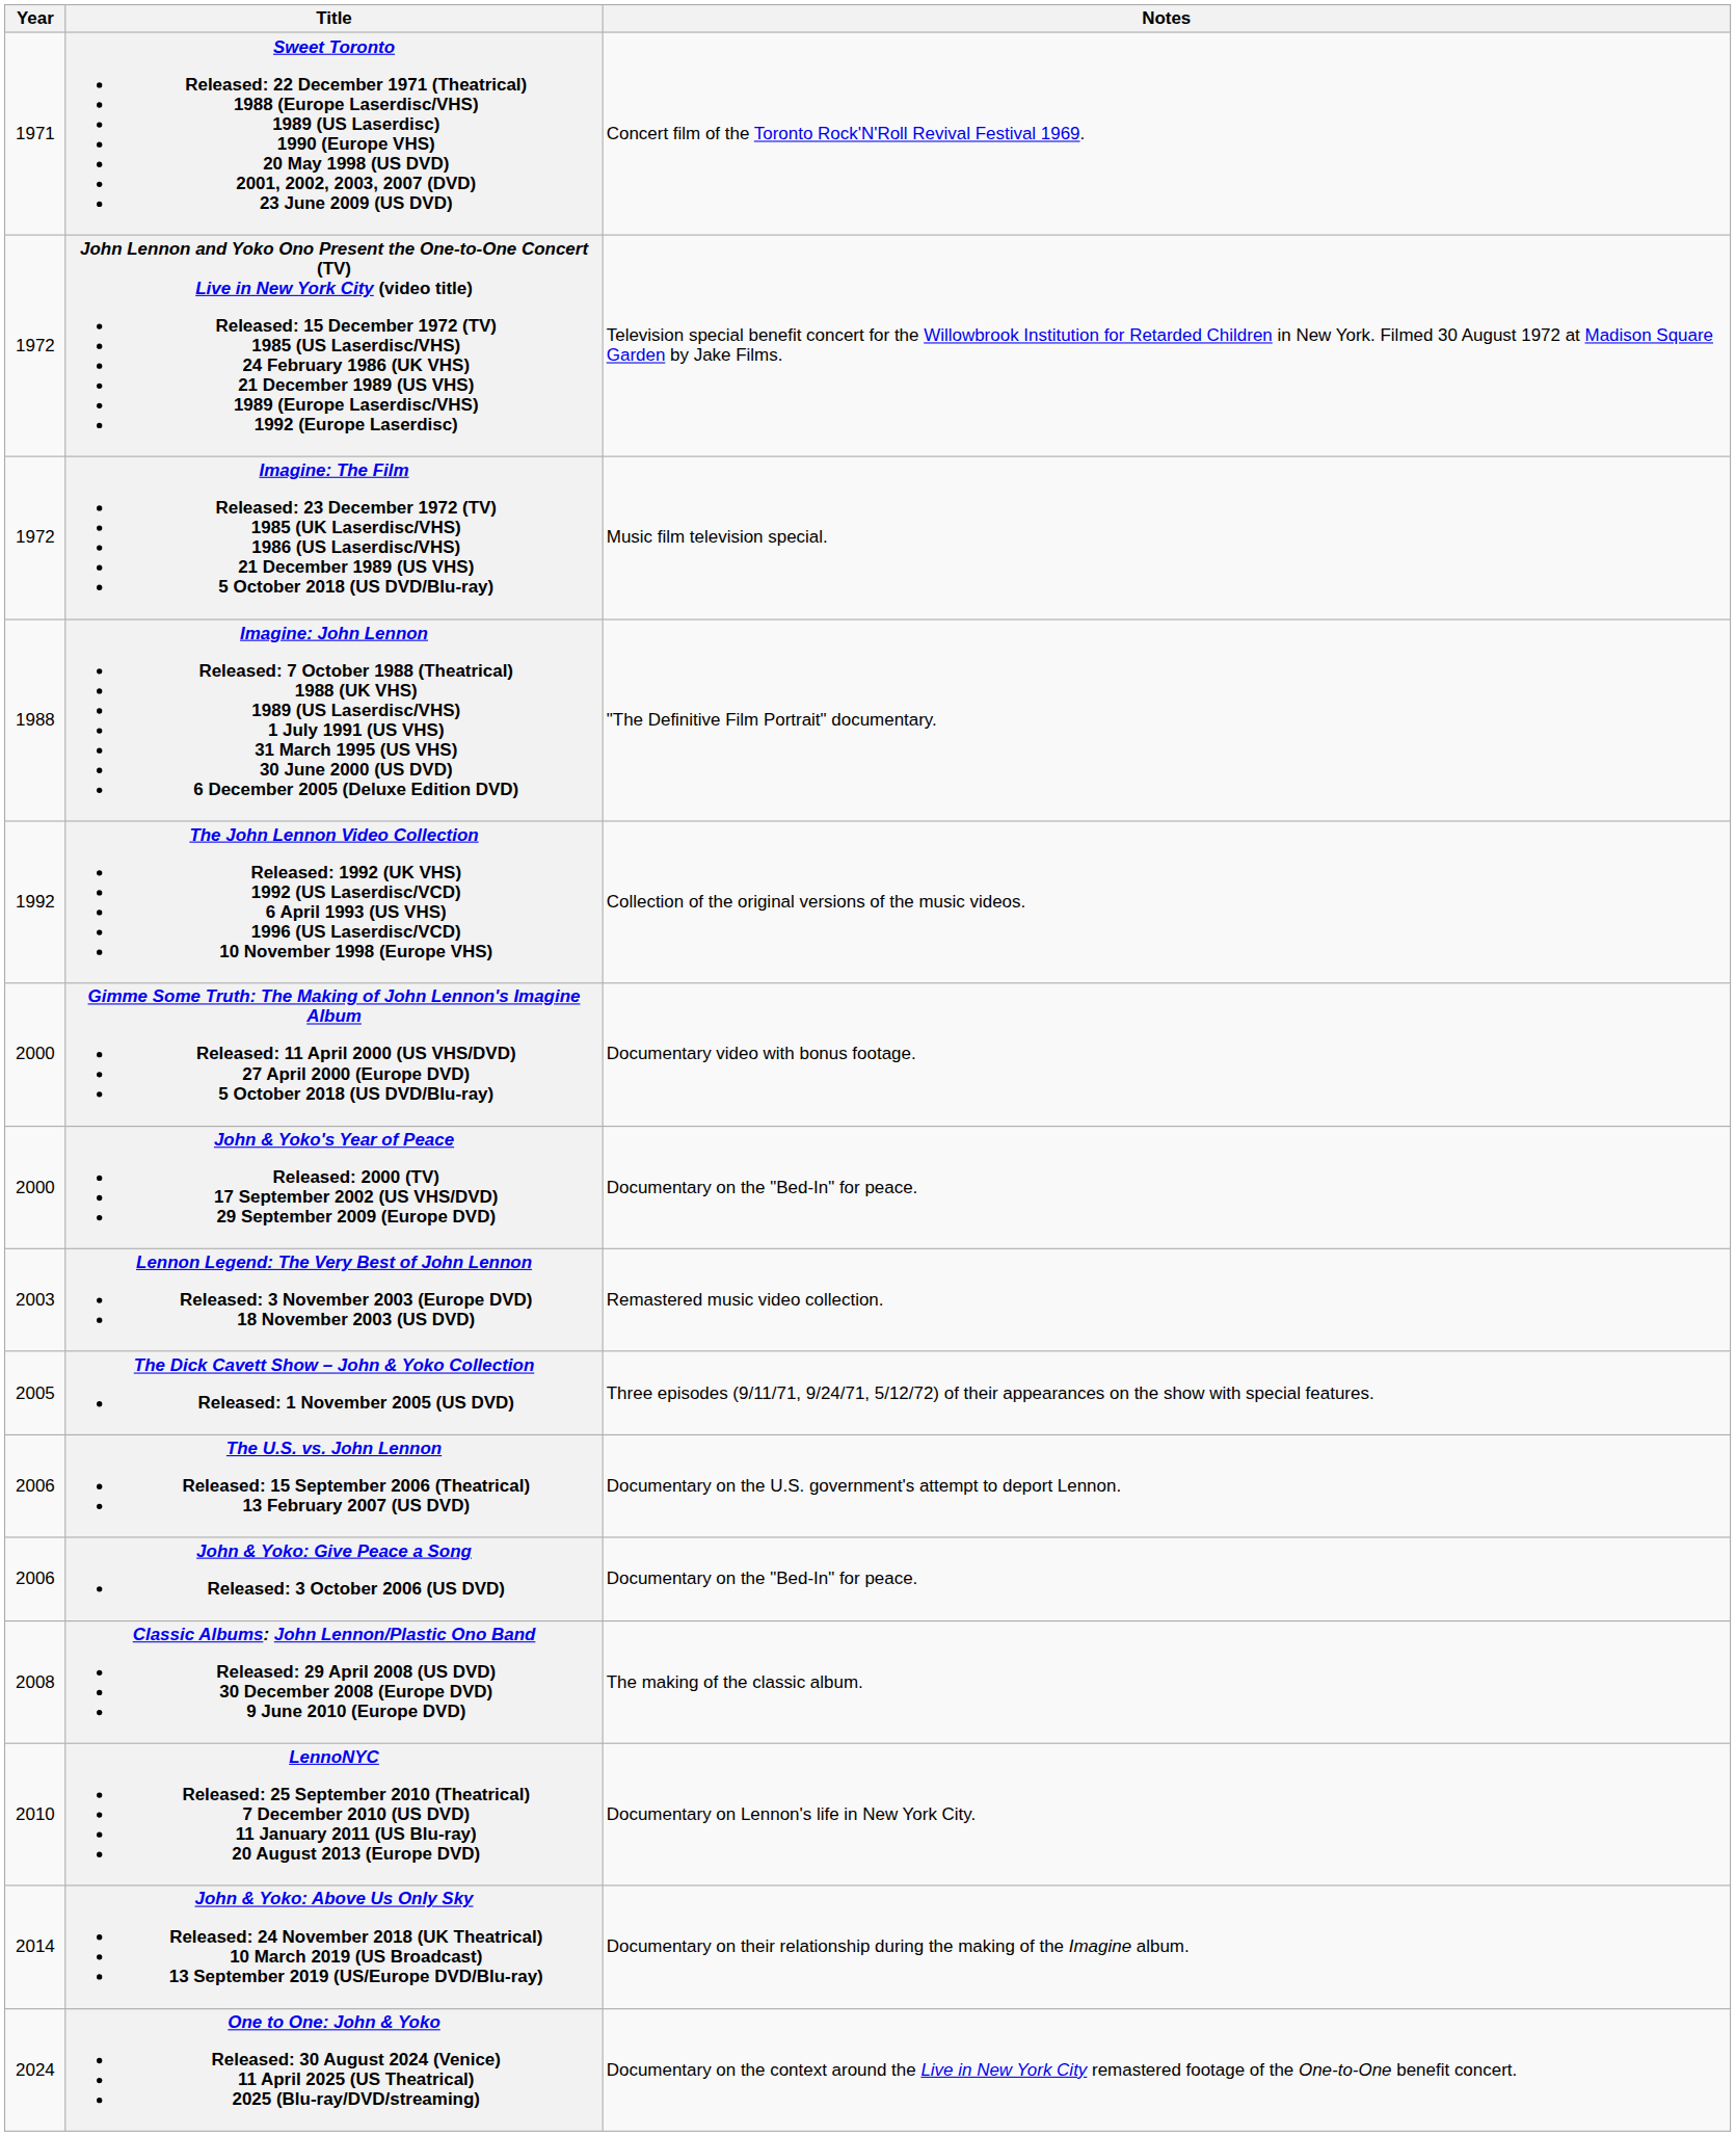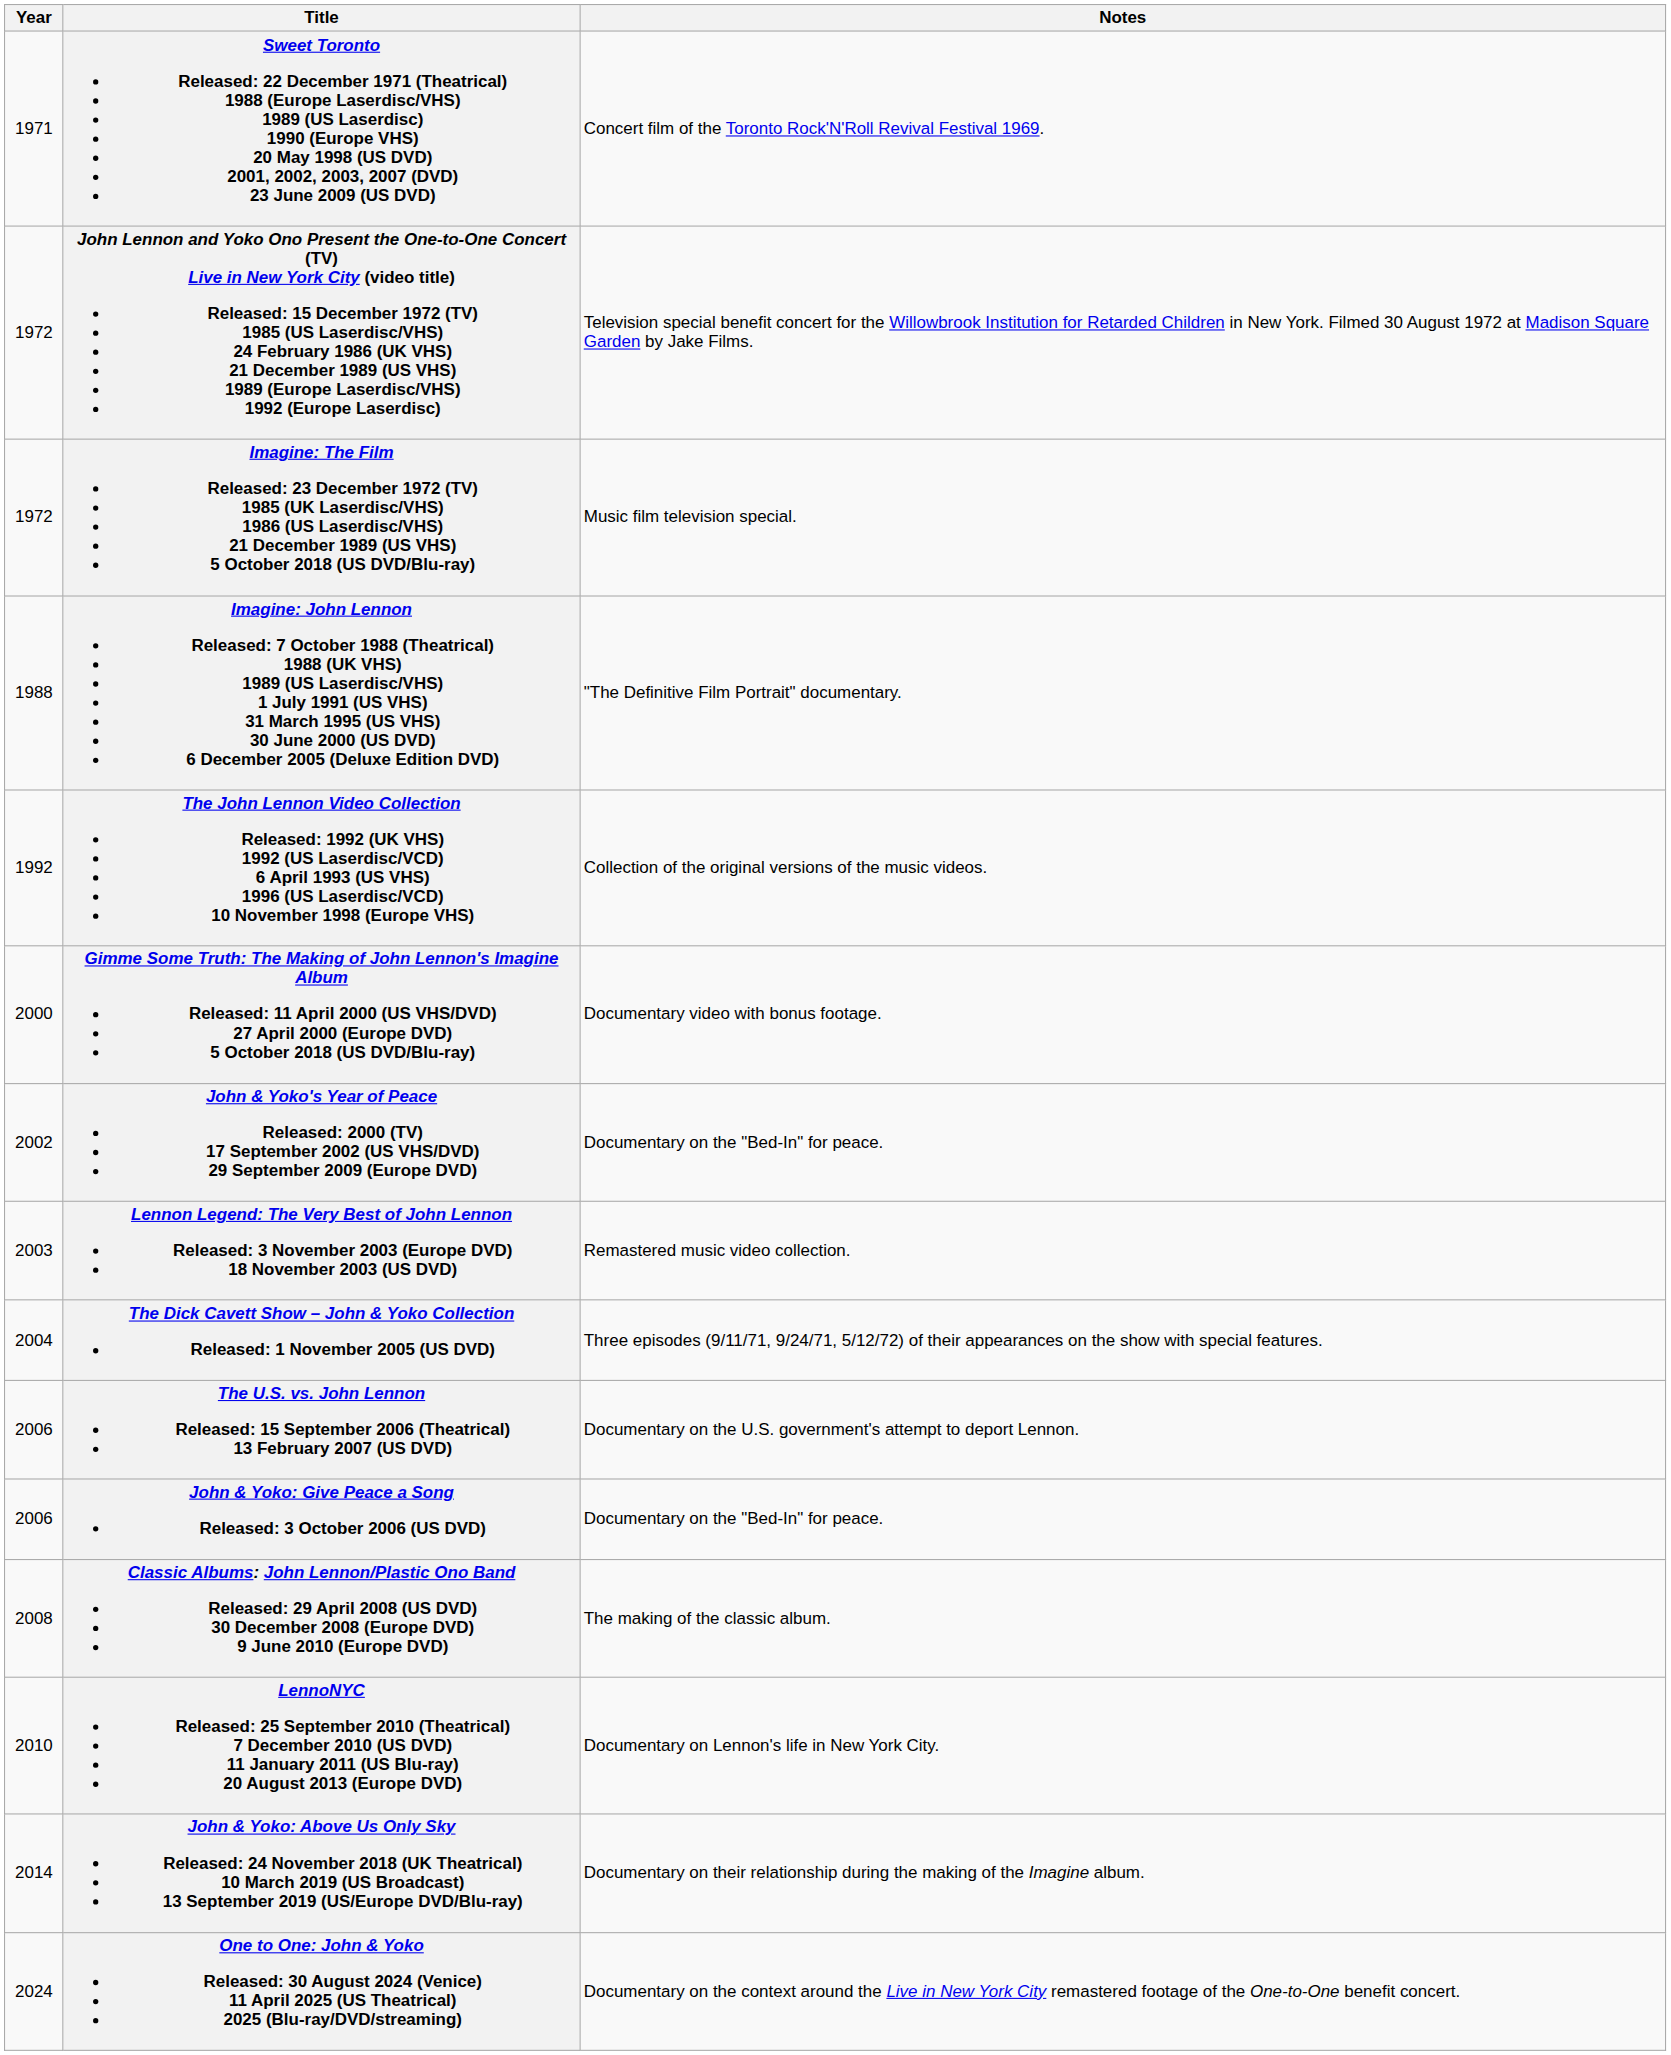 <table class="wikitable plainrowheaders">
 <tr>
 <th scope="col" style="width:3em">Year</th>
 <th scope="col" style="width:30em">Title</th>
 <th scope="col">Notes</th>
 </tr>
 <tr>
 <td align="center">1971</td>
 <th scope="row"><em><a href='#'>Sweet Toronto</a></em><br><ul><li>Released: 22 December 1971 (Theatrical)</li><li>1988 (Europe Laserdisc/VHS)</li><li>1989 (US Laserdisc)</li><li>1990 (Europe VHS)</li><li>20 May 1998 (US DVD)</li><li>2001, 2002, 2003, 2007 (DVD)</li><li>23 June 2009 (US DVD)</li></ul></th>
 <td>Concert film of the <a href='#'>Toronto Rock'N'Roll Revival Festival 1969</a>.</td>
 </tr>
 <tr>
 <td align="center">1972</td>
 <th scope="row"><em>John Lennon and Yoko Ono Present the One-to-One Concert</em> (TV)<br><em><a href='#'>Live in New York City</a></em> (video title)<ul><li>Released: 15 December 1972 (TV)</li><li>1985 (US Laserdisc/VHS)</li><li>24 February 1986 (UK VHS)</li><li>21 December 1989 (US VHS)</li><li>1989 (Europe Laserdisc/VHS)</li><li>1992 (Europe Laserdisc)</li></ul></th>
 <td>Television special benefit concert for the <a href='#'>Willowbrook Institution for Retarded Children</a> in New York. Filmed 30 August 1972 at <a href='#'>Madison Square Garden</a> by Jake Films.</td>
 </tr>
 <tr>
 <td align="center">1972</td>
 <th scope="row"><em><a href='#'>Imagine: The Film</a></em><br><ul><li>Released: 23 December 1972 (TV)</li><li>1985 (UK Laserdisc/VHS)</li><li>1986 (US Laserdisc/VHS)</li><li>21 December 1989 (US VHS)</li><li>5 October 2018 (US DVD/Blu-ray)</li></ul></th>
 <td>Music film television special.</td>
 </tr>
 <tr>
 <td align="center">1988</td>
 <th scope="row"><em><a href='#'>Imagine: John Lennon</a></em><br><ul><li>Released: 7 October 1988 (Theatrical)</li><li>1988 (UK VHS)</li><li>1989 (US Laserdisc/VHS)</li><li>1 July 1991 (US VHS)</li><li>31 March 1995 (US VHS)</li><li>30 June 2000 (US DVD)</li><li>6 December 2005 (Deluxe Edition DVD)</li></ul></th>
 <td>"The Definitive Film Portrait" documentary.</td>
 </tr>
 <tr>
 <td align="center">1992</td>
 <th scope="row"><em><a href='#'>The John Lennon Video Collection</a></em><br><ul><li>Released: 1992 (UK VHS)</li><li>1992 (US Laserdisc/VCD)</li><li>6 April 1993 (US VHS)</li><li>1996 (US Laserdisc/VCD)</li><li>10 November 1998 (Europe VHS)</li></ul></th>
 <td>Collection of the original versions of the music videos.</td>
 </tr>
 <tr>
 <td align="center">2000</td>
 <th scope="row"><em><a href='#'>Gimme Some Truth: The Making of John Lennon's Imagine Album</a></em><br><ul><li>Released: 11 April 2000 (US VHS/DVD)</li><li>27 April 2000 (Europe DVD)</li><li>5 October 2018 (US DVD/Blu-ray)</li></ul></th>
 <td>Documentary video with bonus footage.</td>
 </tr>
 <tr>
-<td align="center">2000</td>
+<td align="center">2002</td>
 <th scope="row"><em><a href='#'>John & Yoko's Year of Peace</a></em><br><ul><li>Released: 2000 (TV)</li><li>17 September 2002 (US VHS/DVD)</li><li>29 September 2009 (Europe DVD)</li></ul></th>
 <td>Documentary on the "Bed-In" for peace.</td>
 </tr>
 <tr>
 <td align="center">2003</td>
 <th scope="row"><em><a href='#'>Lennon Legend: The Very Best of John Lennon</a></em><br><ul><li>Released: 3 November 2003 (Europe DVD)</li><li>18 November 2003 (US DVD)</li></ul></th>
 <td>Remastered music video collection.</td>
 </tr>
 <tr>
-<td align="center">2005</td>
+<td align="center">2004</td>
 <th scope="row"><em><a href='#'>The Dick Cavett Show – John & Yoko Collection</a></em><br><ul><li>Released: 1 November 2005 (US DVD)</li></ul></th>
 <td>Three episodes (9/11/71, 9/24/71, 5/12/72) of their appearances on the show with special features.</td>
 </tr>
 <tr>
 <td align="center">2006</td>
 <th scope="row"><em><a href='#'>The U.S. vs. John Lennon</a></em><br><ul><li>Released: 15 September 2006 (Theatrical)</li><li>13 February 2007 (US DVD)</li></ul></th>
 <td>Documentary on the U.S. government's attempt to deport Lennon.</td>
 </tr>
 <tr>
 <td align="center">2006</td>
 <th scope="row"><em><a href='#'>John & Yoko: Give Peace a Song</a></em><br><ul><li>Released: 3 October 2006 (US DVD)</li></ul></th>
 <td>Documentary on the "Bed-In" for peace.</td>
 </tr>
 <tr>
 <td align="center">2008</td>
 <th scope="row"><em><a href='#'>Classic Albums</a>: <a href='#'>John Lennon/Plastic Ono Band</a></em><br><ul><li>Released: 29 April 2008 (US DVD)</li><li>30 December 2008 (Europe DVD)</li><li>9 June 2010 (Europe DVD)</li></ul></th>
 <td>The making of the classic album.</td>
 </tr>
 <tr>
 <td align="center">2010</td>
 <th scope="row"><em><a href='#'>LennoNYC</a></em><br><ul><li>Released: 25 September 2010 (Theatrical)</li><li>7 December 2010 (US DVD)</li><li>11 January 2011 (US Blu-ray)</li><li>20 August 2013 (Europe DVD)</li></ul></th>
 <td>Documentary on Lennon's life in New York City.</td>
 </tr>
 <tr>
 <td align="center">2014</td>
 <th scope="row"><em><a href='#'>John & Yoko: Above Us Only Sky</a></em><br><ul><li>Released: 24 November 2018 (UK Theatrical)</li><li>10 March 2019 (US Broadcast)</li><li>13 September 2019 (US/Europe DVD/Blu-ray)</li></ul></th>
 <td>Documentary on their relationship during the making of the <em>Imagine</em> album.</td>
 </tr>
 <tr>
 <td align="center">2024</td>
 <th scope="row"><em><a href='#'>One to One: John & Yoko</a></em><br><ul><li>Released: 30 August 2024 (Venice)</li><li>11 April 2025 (US Theatrical)</li><li>2025 (Blu-ray/DVD/streaming)</li></ul></th>
 <td>Documentary on the context around the <em><a href='#'>Live in New York City</a></em> remastered footage of the <em>One-to-One</em> benefit concert.</td>
 </tr>
 </table>
